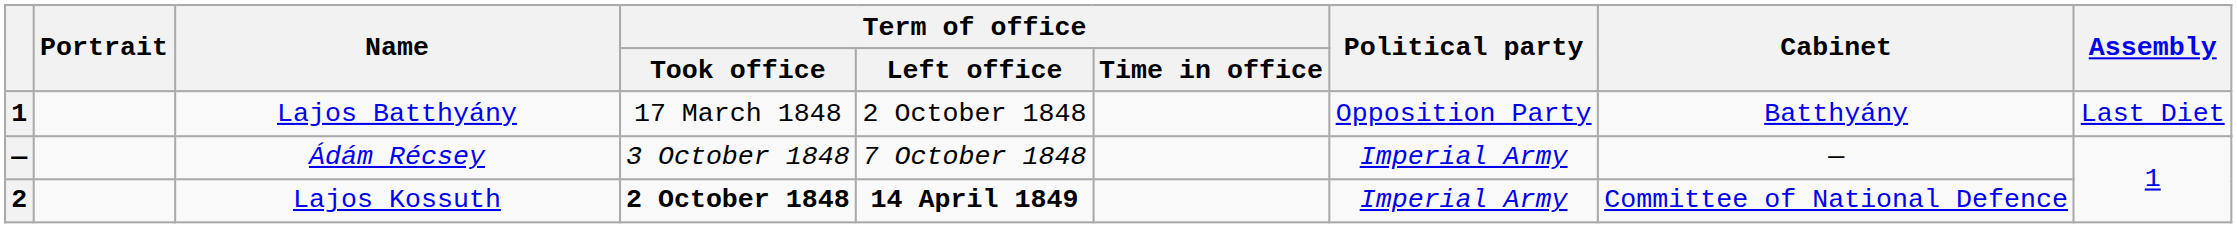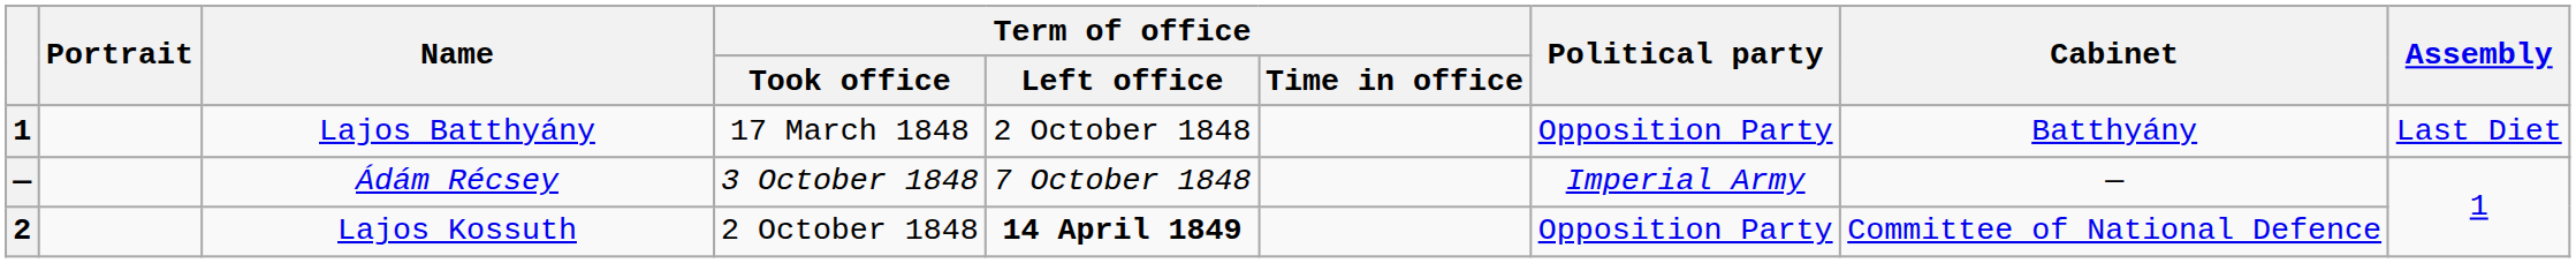 <table class="wikitable" style="text-align:center;">
 <tr>
 <th rowspan=2></th>
 <th rowspan=2>Portrait</th>
 <th width=20% rowspan=2>Name<br></th>
 <th colspan=3>Term of office</th>
 <th rowspan=2>Political party</th>
 <th rowspan=2>Cabinet</th>
 <th rowspan=2><a href='#'>Assembly</a><br></th>
 </tr>
 <tr>
 <th>Took office</th>
 <th>Left office</th>
 <th>Time in office</th>
 </tr>
 <tr>
 <th rowspan=2 style="background:">1</th>
 <td rowspan=2></td>
 <td rowspan=2><a href='#'>Lajos Batthyány</a><br></td>
 <td rowspan=2>17 March 1848</td>
 <td rowspan=2>2 October 1848</td>
 <td rowspan=2></td>
 <td rowspan=2><a href='#'>Opposition Party</a></td>
 <td rowspan=2><a href='#'>Batthyány</a></td>
 <td><a href='#'>Last Diet</a></td>
 </tr>
 <tr>
 <td rowspan=3><a href='#'>1 </a></td>
 </tr>
 <tr>
 <th style="background:">—</th>
 <td></td>
 <td><em><a href='#'>Ádám Récsey</a></em><br></td>
 <td><em>3 October 1848</em></td>
 <td><em>7 October 1848</em></td>
 <td><em></em></td>
 <td><em><a href='#'>Imperial Army</a></em></td>
 <td>—</td>
 </tr>
 <tr>
 <th style="background:">2</th>
 <td></td>
 <td><a href='#'>Lajos Kossuth</a><br></td>
-<td><strong>2 October 1848</strong></td>
+<td>2 October 1848</td>
 <td><strong>14 April 1849</strong></td>
 <td></td>
-<td><em><a href='#'>Imperial Army</a></em></td>
+<td><a href='#'>Opposition Party</a></td>
 <td><a href='#'>Committee of National Defence</a></td>
 </tr>
 </table>
